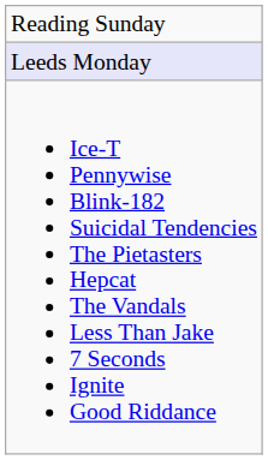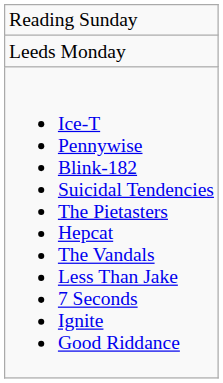 <table class="wikitable">
 <tr>
 <td>Reading Sunday</td>
 </tr>
 <tr>
-<td style="background: lavender;">Leeds Monday</td>
+<td>Leeds Monday</td>
 </tr>
 <tr>
 <td><br><ul><li><a href='#'>Ice-T</a></li><li><a href='#'>Pennywise</a></li><li><a href='#'>Blink-182</a></li><li><a href='#'>Suicidal Tendencies</a></li><li><a href='#'>The Pietasters</a></li><li><a href='#'>Hepcat</a></li><li><a href='#'>The Vandals</a></li><li><a href='#'>Less Than Jake</a></li><li><a href='#'>7 Seconds</a></li><li><a href='#'>Ignite</a></li><li><a href='#'>Good Riddance</a></li></ul></td>
 </tr>
 </table>
